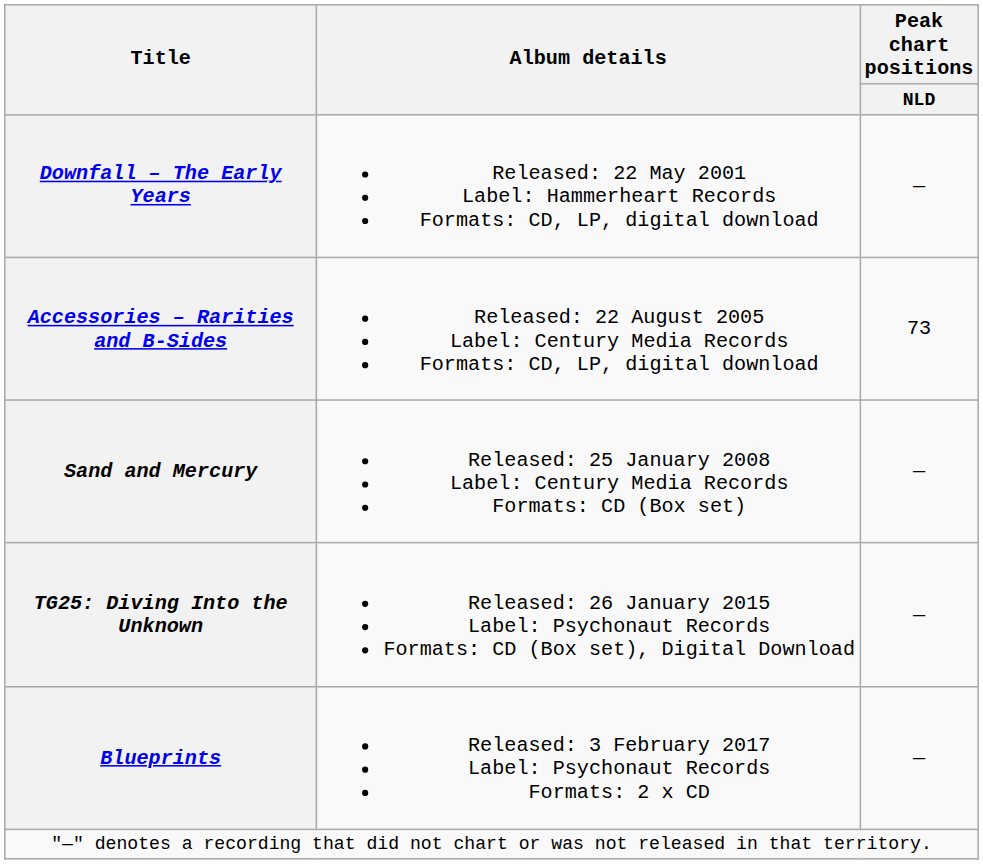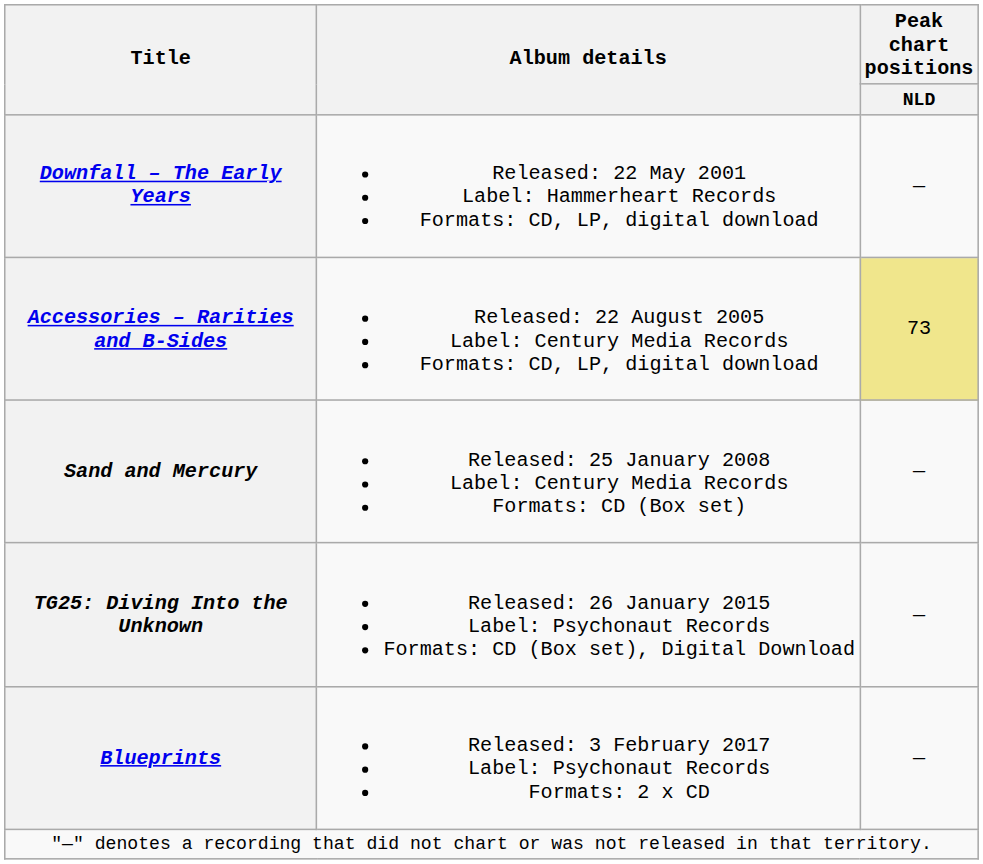 <table class="wikitable plainrowheaders" style="text-align:center;">
 <tr>
 <th scope="col" rowspan="2" style="width:15em;">Title</th>
 <th scope="col" rowspan="2">Album details</th>
 <th scope="col">Peak chart positions</th>
 </tr>
 <tr>
 <th scope="col" style="width:3em;font-size:90%;">NLD<br></th>
 </tr>
 <tr>
 <th scope="row"><em><a href='#'>Downfall – The Early Years</a></em></th>
 <td><br><ul><li>Released: 22 May 2001</li><li>Label: Hammerheart Records</li><li>Formats: CD, LP, digital download</li></ul></td>
 <td>—</td>
 </tr>
 <tr>
 <th scope="row"><em><a href='#'>Accessories – Rarities and B-Sides</a></em></th>
 <td><br><ul><li>Released: 22 August 2005</li><li>Label: Century Media Records</li><li>Formats: CD, LP, digital download</li></ul></td>
-<td>73</td>
+<td style="background: khaki;">73</td>
 </tr>
 <tr>
 <th scope="row"><em>Sand and Mercury</em></th>
 <td><br><ul><li>Released: 25 January 2008</li><li>Label: Century Media Records</li><li>Formats: CD (Box set)</li></ul></td>
 <td>—</td>
 </tr>
 <tr>
 <th scope="row"><em>TG25: Diving Into the Unknown</em></th>
 <td><br><ul><li>Released: 26 January 2015</li><li>Label: Psychonaut Records</li><li>Formats: CD (Box set), Digital Download</li></ul></td>
 <td>—</td>
 </tr>
 <tr>
 <th scope="row"><em><a href='#'>Blueprints</a></em></th>
 <td><br><ul><li>Released: 3 February 2017</li><li>Label: Psychonaut Records</li><li>Formats: 2 x CD</li></ul></td>
 <td>—</td>
 </tr>
 <tr>
 <td colspan="10" style="font-size:90%">"—" denotes a recording that did not chart or was not released in that territory.</td>
 </tr>
 </table>
